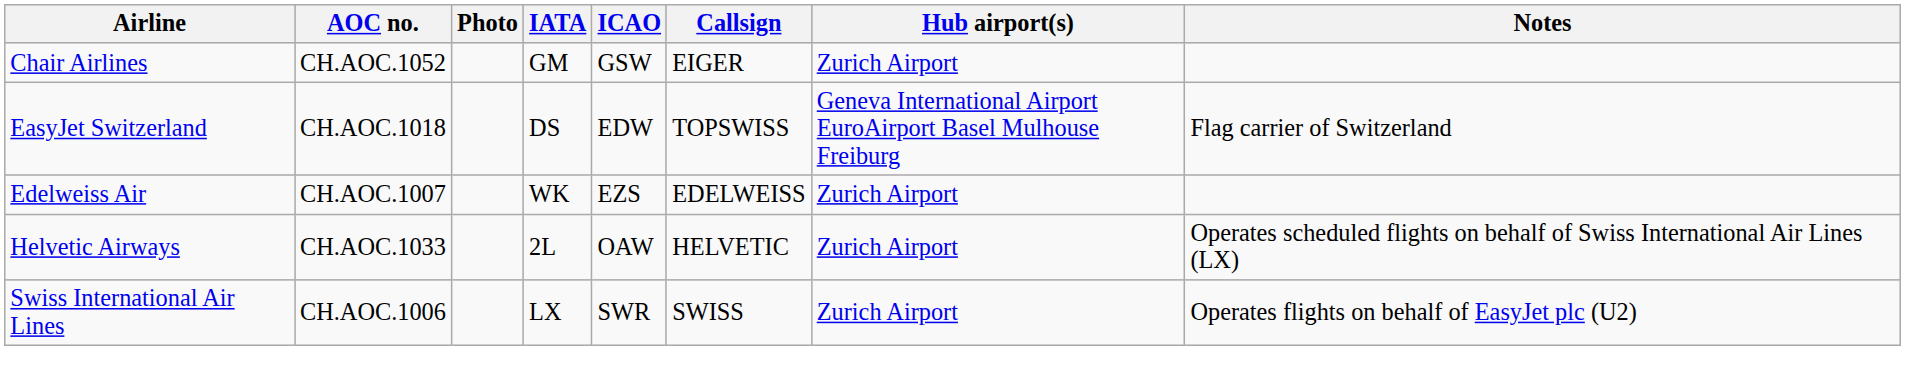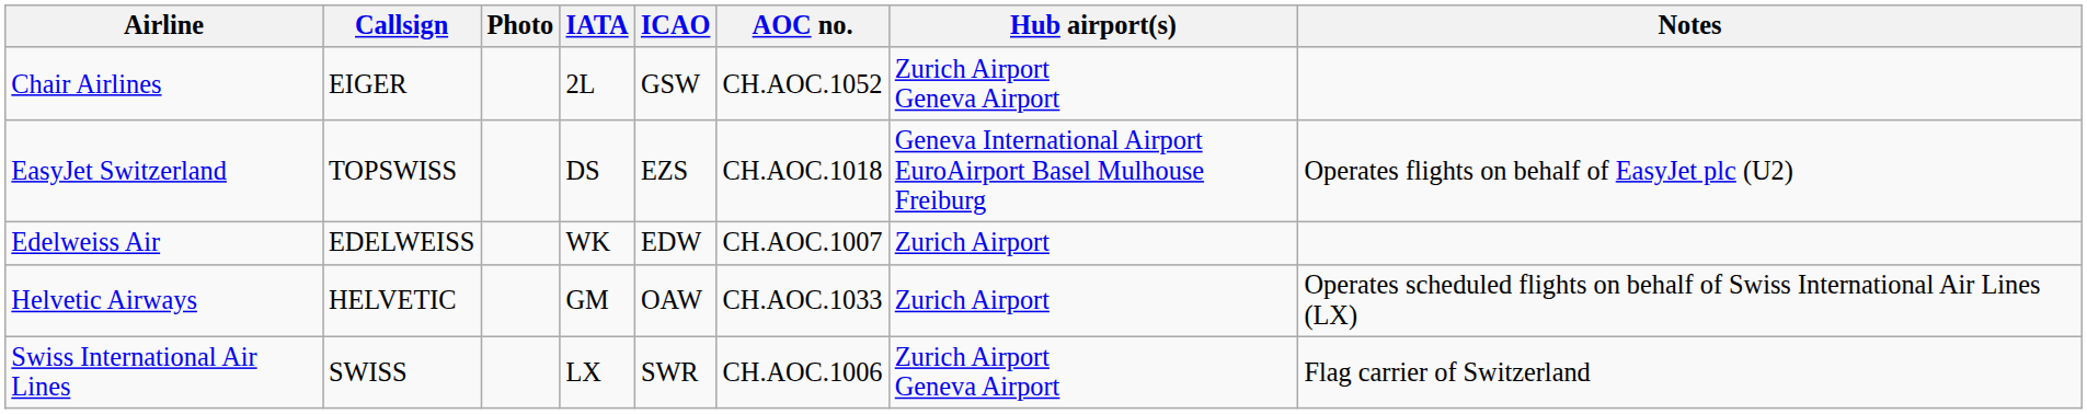 <table class="wikitable sortable" style="border: 0; cellpadding: 2; cellspacing: 3;">
 <tr valign="middle">
 <th>Airline</th>
-<th><a href='#'>AOC</a> no.</th>
+<th><a href='#'>Callsign</a></th>
 <th>Photo</th>
 <th><a href='#'>IATA</a></th>
 <th><a href='#'>ICAO</a></th>
-<th><a href='#'>Callsign</a></th>
+<th><a href='#'>AOC</a> no.</th>
 <th><a href='#'>Hub</a> airport(s)</th>
 <th class="unsortable">Notes</th>
 </tr>
 <tr>
 <td><a href='#'>Chair Airlines</a></td>
+<td>EIGER</td>
+<td></td>
+<td>2L</td>
+<td>GSW</td>
 <td>CH.AOC.1052</td>
-<td></td>
-<td>GM</td>
-<td>GSW</td>
-<td>EIGER</td>
-<td><a href='#'>Zurich Airport</a></td>
+<td><a href='#'>Zurich Airport</a><br><a href='#'>Geneva Airport</a></td>
 <td> </td>
 </tr>
 <tr>
 <td><a href='#'>EasyJet Switzerland</a></td>
-<td>CH.AOC.1018</td>
+<td>TOPSWISS</td>
 <td></td>
 <td>DS</td>
-<td>EDW</td>
-<td>TOPSWISS</td>
+<td>EZS</td>
+<td>CH.AOC.1018</td>
 <td><a href='#'>Geneva International Airport</a><br><a href='#'>EuroAirport Basel Mulhouse Freiburg</a></td>
-<td>Flag carrier of Switzerland</td>
+<td>Operates flights on behalf of <a href='#'>EasyJet plc</a> (U2)</td>
 </tr>
 <tr>
 <td><a href='#'>Edelweiss Air</a></td>
-<td>CH.AOC.1007</td>
+<td>EDELWEISS</td>
 <td></td>
 <td>WK</td>
-<td>EZS</td>
-<td>EDELWEISS</td>
+<td>EDW</td>
+<td>CH.AOC.1007</td>
 <td><a href='#'>Zurich Airport</a></td>
 <td> </td>
 </tr>
 <tr>
 <td><a href='#'>Helvetic Airways</a></td>
+<td>HELVETIC</td>
+<td></td>
+<td>GM</td>
+<td>OAW</td>
 <td>CH.AOC.1033</td>
-<td></td>
-<td>2L</td>
-<td>OAW</td>
-<td>HELVETIC</td>
 <td><a href='#'>Zurich Airport</a></td>
 <td>Operates scheduled flights on behalf of Swiss International Air Lines (LX)</td>
 </tr>
 <tr>
 <td><a href='#'>Swiss International Air Lines</a></td>
-<td>CH.AOC.1006</td>
+<td>SWISS</td>
 <td></td>
 <td>LX</td>
 <td>SWR</td>
-<td>SWISS</td>
-<td><a href='#'>Zurich Airport</a></td>
-<td>Operates flights on behalf of <a href='#'>EasyJet plc</a> (U2)</td>
+<td>CH.AOC.1006</td>
+<td><a href='#'>Zurich Airport</a><br><a href='#'>Geneva Airport</a></td>
+<td>Flag carrier of Switzerland</td>
 </tr>
 </table>
